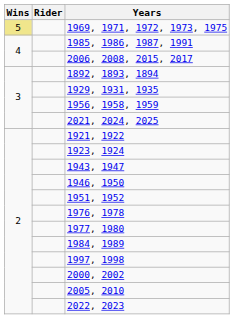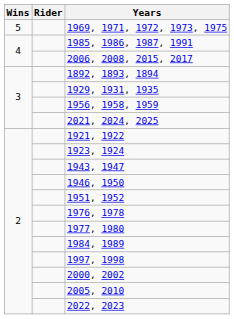 <table class="wikitable">
 <tr>
 <th>Wins</th>
 <th>Rider</th>
 <th>Years</th>
 </tr>
 <tr>
-<td align=center style="background: khaki;">5</td>
+<td align=center>5</td>
 <td></td>
 <td><a href='#'>1969</a>, <a href='#'>1971</a>, <a href='#'>1972</a>, <a href='#'>1973</a>, <a href='#'>1975</a></td>
 </tr>
 <tr>
 <td align=center rowspan=2>4</td>
 <td></td>
 <td><a href='#'>1985</a>, <a href='#'>1986</a>, <a href='#'>1987</a>, <a href='#'>1991</a></td>
 </tr>
 <tr>
 <td></td>
 <td><a href='#'>2006</a>,  <a href='#'>2008</a>, <a href='#'>2015</a>, <a href='#'>2017</a></td>
 </tr>
 <tr>
 <td style="text-align:center;" rowspan=4>3</td>
 <td></td>
 <td><a href='#'>1892</a>, <a href='#'>1893</a>, <a href='#'>1894</a></td>
 </tr>
 <tr>
 <td></td>
 <td><a href='#'>1929</a>, <a href='#'>1931</a>, <a href='#'>1935</a></td>
 </tr>
 <tr>
 <td></td>
 <td><a href='#'>1956</a>, <a href='#'>1958</a>, <a href='#'>1959</a></td>
 </tr>
 <tr>
 <td></td>
 <td><a href='#'>2021</a>, <a href='#'>2024</a>, <a href='#'>2025</a></td>
 </tr>
 <tr>
 <td style="text-align:center;" rowspan="13">2</td>
 <td></td>
 <td><a href='#'>1921</a>, <a href='#'>1922</a></td>
 </tr>
 <tr>
 <td></td>
 <td><a href='#'>1923</a>, <a href='#'>1924</a></td>
 </tr>
 <tr>
 <td></td>
 <td><a href='#'>1943</a>, <a href='#'>1947</a></td>
 </tr>
 <tr>
 <td></td>
 <td><a href='#'>1946</a>, <a href='#'>1950</a></td>
 </tr>
 <tr>
 <td></td>
 <td><a href='#'>1951</a>, <a href='#'>1952</a></td>
 </tr>
 <tr>
 <td></td>
 <td><a href='#'>1976</a>, <a href='#'>1978</a></td>
 </tr>
 <tr>
 <td></td>
 <td><a href='#'>1977</a>, <a href='#'>1980</a></td>
 </tr>
 <tr>
 <td></td>
 <td><a href='#'>1984</a>, <a href='#'>1989</a></td>
 </tr>
 <tr>
 <td></td>
 <td><a href='#'>1997</a>, <a href='#'>1998</a></td>
 </tr>
 <tr>
 <td></td>
 <td><a href='#'>2000</a>, <a href='#'>2002</a></td>
 </tr>
 <tr>
 <td></td>
 <td><a href='#'>2005</a>, <a href='#'>2010</a></td>
 </tr>
 <tr>
 <td></td>
 <td><a href='#'>2022</a>, <a href='#'>2023</a></td>
 </tr>
 </table>
